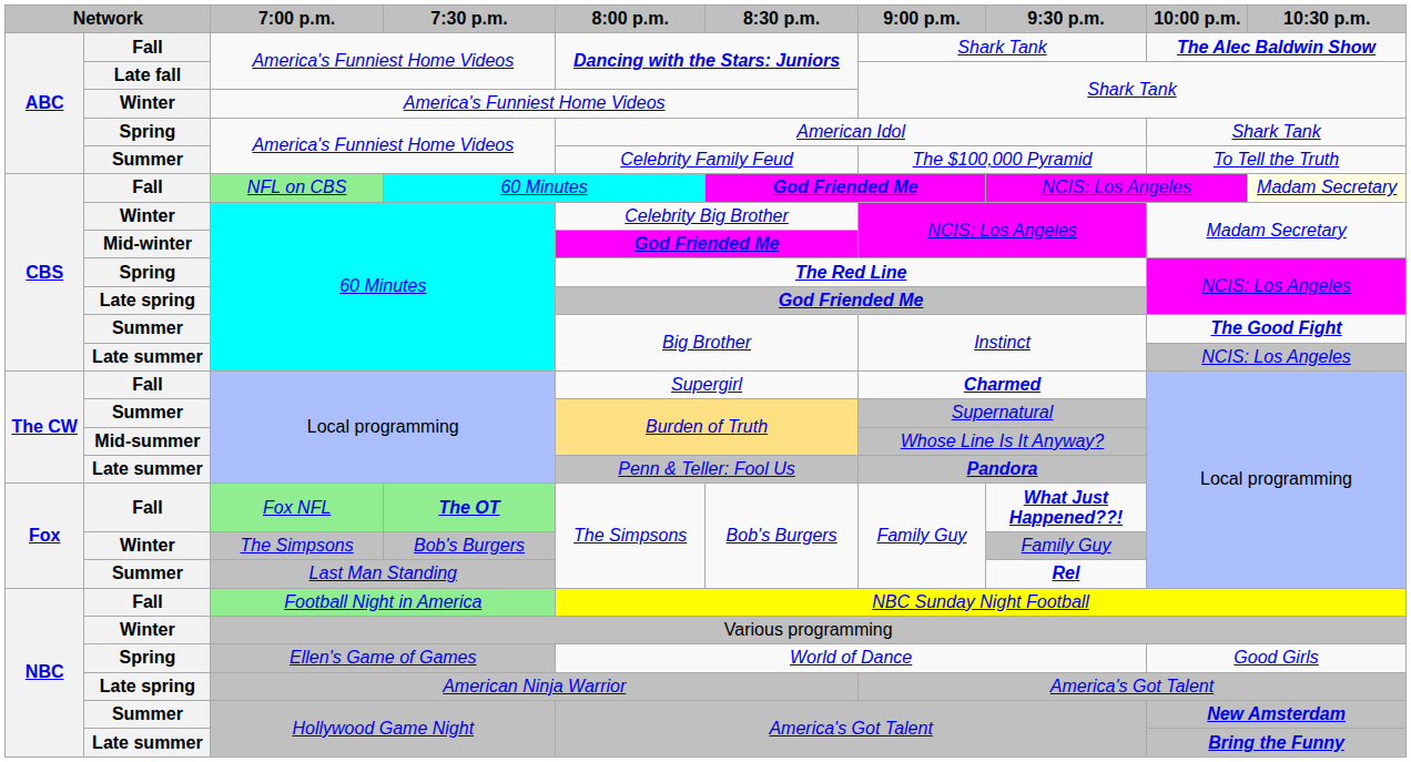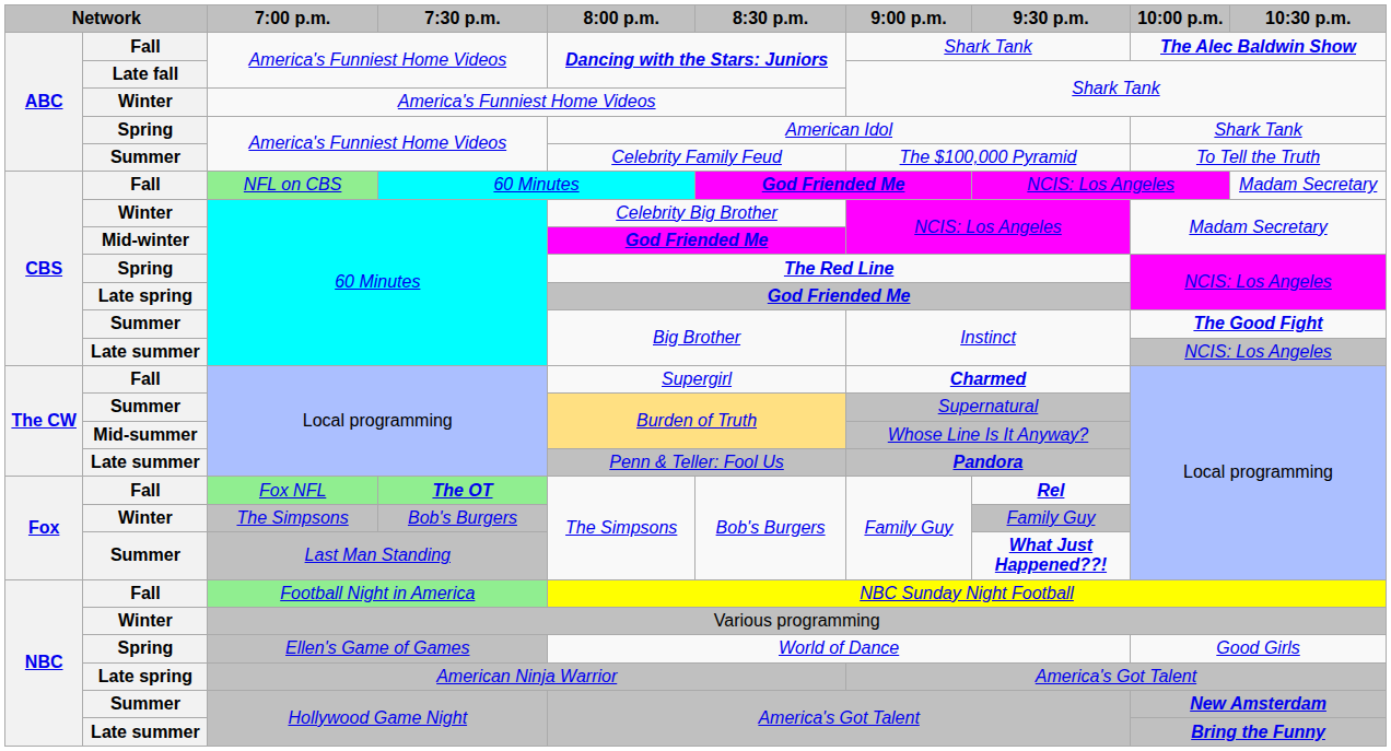 <table class="wikitable" style="width:100%;margin-right:0;text-align:center">
 <tr>
 <th colspan="2" style="background-color:#C0C0C0;text-align:center">Network</th>
 <th style="background-color:#C0C0C0;text-align:center;width:12.3%">7:00 p.m.</th>
 <th style="background-color:#C0C0C0;text-align:center;width:12.3%">7:30 p.m.</th>
 <th style="background-color:#C0C0C0;text-align:center;width:10.7%">8:00 p.m.</th>
 <th style="background-color:#C0C0C0;text-align:center;width:10.9%">8:30 p.m.</th>
 <th style="background-color:#C0C0C0;text-align:center;width:9.1%">9:00 p.m.</th>
 <th style="background-color:#C0C0C0;text-align:center;width:11.5%">9:30 p.m.</th>
 <th style="background-color:#C0C0C0;text-align:center">10:00 p.m.</th>
 <th style="background-color:#C0C0C0;text-align:center">10:30 p.m.</th>
 </tr>
 <tr>
 <th rowspan="5"><a href='#'>ABC</a></th>
 <th>Fall</th>
 <td colspan="2" rowspan="2"><em><a href='#'>America's Funniest Home Videos</a></em></td>
 <td rowspan="2" colspan="2"><strong><em><a href='#'>Dancing with the Stars: Juniors</a></em></strong></td>
 <td colspan="2"><em><a href='#'>Shark Tank</a></em></td>
 <td colspan="2"><strong><em><a href='#'>The Alec Baldwin Show</a></em></strong></td>
 </tr>
 <tr>
 <th>Late fall</th>
 <td colspan="4" rowspan="2"><em><a href='#'>Shark Tank</a></em></td>
 </tr>
 <tr>
 <th>Winter</th>
 <td colspan="4"><em><a href='#'>America's Funniest Home Videos</a></em></td>
 </tr>
 <tr>
 <th>Spring</th>
 <td colspan="2" rowspan="2"><em><a href='#'>America's Funniest Home Videos</a></em></td>
 <td colspan="4"><em><a href='#'>American Idol</a></em></td>
 <td colspan="2"><em><a href='#'>Shark Tank</a></em></td>
 </tr>
 <tr>
 <th>Summer</th>
 <td colspan="2"><em><a href='#'>Celebrity Family Feud</a></em></td>
 <td colspan="2"><em><a href='#'>The $100,000 Pyramid</a></em></td>
 <td colspan="2"><em><a href='#'>To Tell the Truth</a></em></td>
 </tr>
 <tr>
 <th rowspan="7"><a href='#'>CBS</a></th>
 <th>Fall</th>
 <td style="background:lightgreen"><em><a href='#'>NFL on CBS</a></em> </td>
 <td colspan="2" style="background:cyan;"><em><a href='#'>60 Minutes</a></em> </td>
 <td colspan="2" style="background:#FF00FF;"><strong><em><a href='#'>God Friended Me</a></em></strong> </td>
 <td colspan="2" style="background:#FF00FF;"><em><a href='#'>NCIS: Los Angeles</a></em> </td>
-<td style="background: lightyellow;"><em><a href='#'>Madam Secretary</a></em><br></td>
+<td><em><a href='#'>Madam Secretary</a></em><br></td>
 </tr>
 <tr>
 <th>Winter</th>
 <td rowspan="6" colspan="2" style="background:cyan;"><em><a href='#'>60 Minutes</a></em> </td>
 <td colspan="2"><em><a href='#'>Celebrity Big Brother</a></em></td>
 <td rowspan="2" colspan="2" style="background:#FF00FF;"><em><a href='#'>NCIS: Los Angeles</a></em> </td>
 <td rowspan="2" colspan="2"><em><a href='#'>Madam Secretary</a></em></td>
 </tr>
 <tr>
 <th>Mid-winter</th>
 <td colspan="2" style="background:#FF00FF;"><strong><em><a href='#'>God Friended Me</a></em></strong> </td>
 </tr>
 <tr>
 <th>Spring</th>
 <td colspan="4"><strong><em><a href='#'>The Red Line</a></em></strong></td>
 <td rowspan="2" colspan="2" style="background:#FF00FF;"><em><a href='#'>NCIS: Los Angeles</a></em> </td>
 </tr>
 <tr>
 <th>Late spring</th>
 <td colspan="4" style="background:#C0C0C0;"><strong><em><a href='#'>God Friended Me</a></em></strong> </td>
 </tr>
 <tr>
 <th>Summer</th>
 <td rowspan="2" colspan="2"><em><a href='#'>Big Brother</a></em></td>
 <td rowspan="2" colspan="2"><em><a href='#'>Instinct</a></em></td>
 <td colspan="2"><strong><em><a href='#'>The Good Fight</a></em></strong></td>
 </tr>
 <tr>
 <th>Late summer</th>
 <td colspan="2" style="background:#C0C0C0;"><em><a href='#'>NCIS: Los Angeles</a></em> </td>
 </tr>
 <tr>
 <th rowspan="4"><a href='#'>The CW</a></th>
 <th>Fall</th>
 <td style="background:#abbfff;" rowspan="4" colspan="2">Local programming</td>
 <td colspan="2"><em><a href='#'>Supergirl</a></em></td>
 <td colspan="2"><strong><em><a href='#'>Charmed</a></em></strong></td>
 <td colspan="2" rowspan="7" style="background:#abbfff;">Local programming</td>
 </tr>
 <tr>
 <th>Summer</th>
 <td rowspan="2" colspan="2" style="background:#FFE082;"><em><a href='#'>Burden of Truth</a></em></td>
 <td colspan="2" style="background:#C0C0C0;"><em><a href='#'>Supernatural</a></em> </td>
 </tr>
 <tr>
 <th>Mid-summer</th>
 <td colspan="2" style="background:#C0C0C0;"><em><a href='#'>Whose Line Is It Anyway?</a></em> </td>
 </tr>
 <tr>
 <th>Late summer</th>
 <td colspan="2" style="background:#C0C0C0;"><em><a href='#'>Penn & Teller: Fool Us</a></em> </td>
 <td colspan="2" style="background:#C0C0C0;"><strong><em><a href='#'>Pandora</a></em></strong> </td>
 </tr>
 <tr>
 <th rowspan="3"><a href='#'>Fox</a></th>
 <th>Fall</th>
 <td style="background:lightgreen"><em><a href='#'>Fox NFL</a></em> </td>
 <td style="background:lightgreen"><strong><em><a href='#'>The OT</a></em></strong></td>
 <td rowspan="3"><em><a href='#'>The Simpsons</a></em></td>
 <td rowspan="3"><em><a href='#'>Bob's Burgers</a></em></td>
 <td rowspan="3"><em><a href='#'>Family Guy</a></em></td>
-<td><strong><em><a href='#'>What Just Happened??!</a></em></strong></td>
+<td><strong><em><a href='#'>Rel</a></em></strong></td>
 </tr>
 <tr>
 <th>Winter</th>
 <td style="background:#C0C0C0;"><em><a href='#'>The Simpsons</a></em> </td>
 <td style="background:#C0C0C0;"><em><a href='#'>Bob's Burgers</a></em> </td>
 <td style="background:#C0C0C0;"><em><a href='#'>Family Guy</a></em> </td>
 </tr>
 <tr>
 <th>Summer</th>
 <td colspan="2" style="background:#C0C0C0;"><em><a href='#'>Last Man Standing</a></em> </td>
-<td><strong><em><a href='#'>Rel</a></em></strong></td>
+<td><strong><em><a href='#'>What Just Happened??!</a></em></strong></td>
 </tr>
 <tr>
 <th rowspan="6"><a href='#'>NBC</a></th>
 <th>Fall</th>
 <td colspan="2" style="background:lightgreen"><em><a href='#'>Football Night in America</a></em></td>
 <td colspan="6" style="background:#FFFF00;"><em><a href='#'>NBC Sunday Night Football</a></em>   </td>
 </tr>
 <tr>
 <th>Winter</th>
 <td colspan="8" style="background:#C0C0C0;">Various programming</td>
 </tr>
 <tr>
 <th>Spring</th>
 <td colspan="2" style="background:#C0C0C0;"><em><a href='#'>Ellen's Game of Games</a></em> </td>
 <td colspan="4"><em><a href='#'>World of Dance</a></em></td>
 <td colspan="2"><em><a href='#'>Good Girls</a></em></td>
 </tr>
 <tr>
 <th>Late spring</th>
 <td colspan="4" style="background:#C0C0C0;"><em><a href='#'>American Ninja Warrior</a></em> </td>
 <td colspan="4" style="background:#C0C0C0;"><em><a href='#'>America's Got Talent</a></em> </td>
 </tr>
 <tr>
 <th>Summer</th>
 <td rowspan="2" colspan="2" style="background:#C0C0C0;"><em><a href='#'>Hollywood Game Night</a></em> </td>
 <td rowspan="2" colspan="4" style="background:#C0C0C0;"><em><a href='#'>America's Got Talent</a></em> </td>
 <td colspan="2" style="background:#C0C0C0;"><strong><em><a href='#'>New Amsterdam</a></em></strong> </td>
 </tr>
 <tr>
 <th>Late summer</th>
 <td colspan="2" style="background:#C0C0C0;"><strong><em><a href='#'>Bring the Funny</a></em></strong> </td>
 </tr>
 </table>
